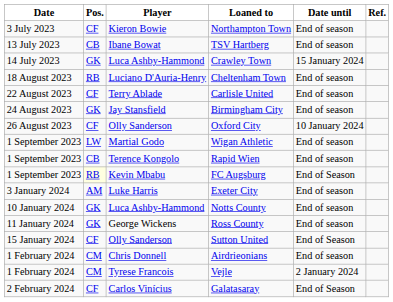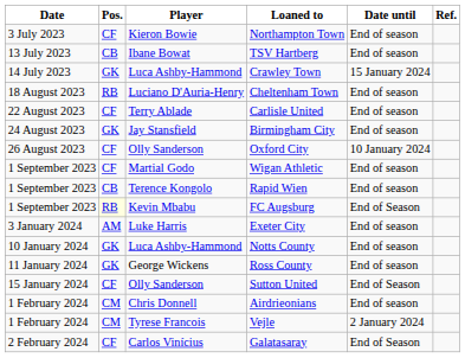 <table class="wikitable plainrowheaders sortable">
 <tr>
 <th style="background:white; color:black; ">Date</th>
 <th style="background:white; color:black; ">Pos.</th>
 <th style="background:white; color:black; ">Player</th>
 <th style="background:white; color:black; ">Loaned to</th>
 <th style="background:white; color:black; ">Date until</th>
 <th style="background:white; color:black; ">Ref.</th>
 </tr>
 <tr>
 <td>3 July 2023</td>
 <td><a href='#'>CF</a></td>
 <td> <a href='#'>Kieron Bowie</a></td>
 <td> <a href='#'>Northampton Town</a></td>
 <td>End of season</td>
 <td></td>
 </tr>
 <tr>
 <td>13 July 2023</td>
 <td><a href='#'>CB</a></td>
 <td> <a href='#'>Ibane Bowat</a></td>
 <td> <a href='#'>TSV Hartberg</a></td>
 <td>End of season</td>
 <td></td>
 </tr>
 <tr>
 <td>14 July 2023</td>
 <td><a href='#'>GK</a></td>
 <td> <a href='#'>Luca Ashby-Hammond</a></td>
 <td> <a href='#'>Crawley Town</a></td>
 <td>15 January 2024</td>
 <td></td>
 </tr>
 <tr>
 <td>18 August 2023</td>
 <td><a href='#'>RB</a></td>
 <td> <a href='#'>Luciano D'Auria-Henry</a></td>
 <td> <a href='#'>Cheltenham Town</a></td>
 <td>End of season</td>
 <td></td>
 </tr>
 <tr>
 <td>22 August 2023</td>
 <td><a href='#'>CF</a></td>
 <td> <a href='#'>Terry Ablade</a></td>
 <td> <a href='#'>Carlisle United</a></td>
 <td>End of season</td>
 <td></td>
 </tr>
 <tr>
 <td>24 August 2023</td>
 <td><a href='#'>GK</a></td>
 <td> <a href='#'>Jay Stansfield</a></td>
 <td> <a href='#'>Birmingham City</a></td>
 <td>End of season</td>
 <td></td>
 </tr>
 <tr>
 <td>26 August 2023</td>
 <td><a href='#'>CF</a></td>
 <td> <a href='#'>Olly Sanderson</a></td>
 <td> <a href='#'>Oxford City</a></td>
 <td>10 January 2024</td>
 <td></td>
 </tr>
 <tr>
 <td>1 September 2023</td>
-<td><a href='#'>LW</a></td>
+<td><a href='#'>CF</a></td>
 <td> <a href='#'>Martial Godo</a></td>
 <td> <a href='#'>Wigan Athletic</a></td>
 <td>End of season</td>
 <td></td>
 </tr>
 <tr>
 <td>1 September 2023</td>
 <td><a href='#'>CB</a></td>
 <td> <a href='#'>Terence Kongolo</a></td>
 <td> <a href='#'>Rapid Wien</a></td>
 <td>End of season</td>
 <td></td>
 </tr>
 <tr>
 <td>1 September 2023</td>
 <td style="background: lightyellow;"><a href='#'>RB</a></td>
 <td> <a href='#'>Kevin Mbabu</a></td>
 <td> <a href='#'>FC Augsburg</a></td>
 <td>End of Season</td>
 <td></td>
 </tr>
 <tr>
 <td>3 January 2024</td>
 <td><a href='#'>AM</a></td>
 <td> <a href='#'>Luke Harris</a></td>
 <td> <a href='#'>Exeter City</a></td>
 <td>End of season</td>
 <td></td>
 </tr>
 <tr>
 <td>10 January 2024</td>
 <td><a href='#'>GK</a></td>
 <td> <a href='#'>Luca Ashby-Hammond</a></td>
 <td> <a href='#'>Notts County</a></td>
 <td>End of season</td>
 <td></td>
 </tr>
 <tr>
 <td>11 January 2024</td>
 <td><a href='#'>GK</a></td>
 <td> George Wickens</td>
 <td> <a href='#'>Ross County</a></td>
 <td>End of season</td>
 <td></td>
 </tr>
 <tr>
 <td>15 January 2024</td>
 <td><a href='#'>CF</a></td>
 <td> <a href='#'>Olly Sanderson</a></td>
 <td> <a href='#'>Sutton United</a></td>
 <td>End of Season</td>
 <td></td>
 </tr>
 <tr>
 <td>1 February 2024</td>
 <td><a href='#'>CM</a></td>
 <td> <a href='#'>Chris Donnell</a></td>
 <td> <a href='#'>Airdrieonians</a></td>
 <td>End of season</td>
 <td></td>
 </tr>
 <tr>
 <td>1 February 2024</td>
 <td><a href='#'>CM</a></td>
 <td> <a href='#'>Tyrese Francois</a></td>
 <td> <a href='#'>Vejle</a></td>
 <td>2 January 2024</td>
 <td></td>
 </tr>
 <tr>
 <td>2 February 2024</td>
 <td><a href='#'>CF</a></td>
 <td> <a href='#'>Carlos Vinícius</a></td>
 <td> <a href='#'>Galatasaray</a></td>
 <td>End of Season</td>
 <td></td>
 </tr>
 </table>
